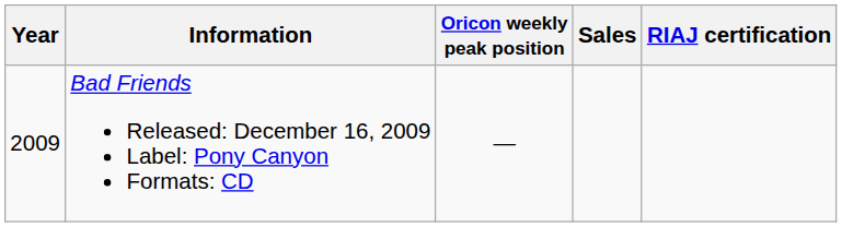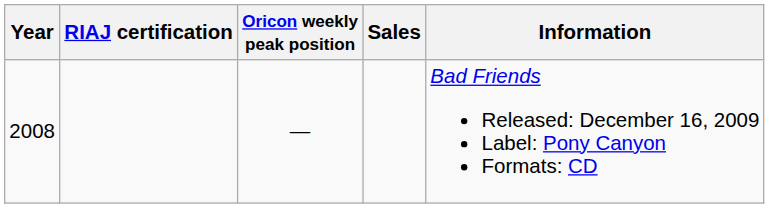 <table class="wikitable">
 <tr>
 <th>Year</th>
-<th>Information</th>
+<th><a href='#'>RIAJ</a> certification</th>
 <th><small><a href='#'>Oricon</a> weekly<br>peak position</small></th>
 <th>Sales<br></th>
-<th><a href='#'>RIAJ</a> certification</th>
+<th>Information</th>
 </tr>
 <tr>
-<td>2009</td>
-<td><em><a href='#'>Bad Friends</a></em><br><ul><li>Released: December 16, 2009</li><li>Label: <a href='#'>Pony Canyon</a></li><li>Formats: <a href='#'>CD</a></li></ul></td>
+<td>2008</td>
+<td align="left"></td>
 <td style="text-align:center;">—</td>
 <td align="left"></td>
-<td align="left"></td>
+<td><em><a href='#'>Bad Friends</a></em><br><ul><li>Released: December 16, 2009</li><li>Label: <a href='#'>Pony Canyon</a></li><li>Formats: <a href='#'>CD</a></li></ul></td>
 </tr>
 </table>
